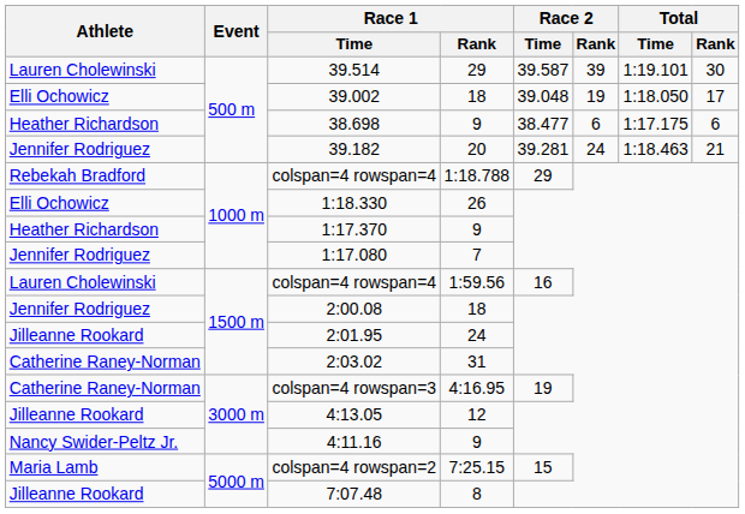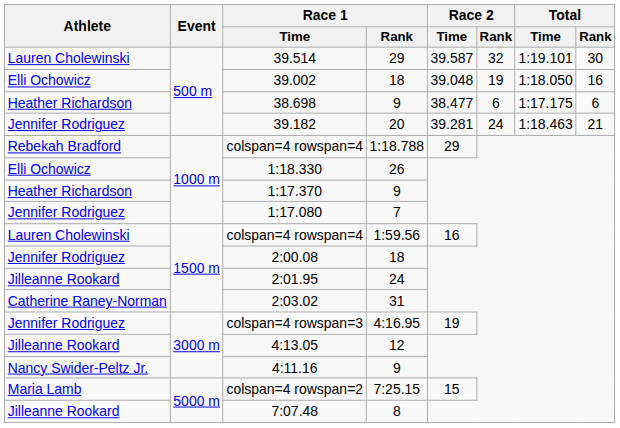 <table class=wikitable style=font-size:90%;text-align:center>
 <tr>
 <th rowspan=2>Athlete</th>
 <th rowspan=2>Event</th>
 <th colspan=2>Race 1</th>
 <th colspan=2>Race 2</th>
 <th colspan=2>Total</th>
 </tr>
 <tr style=font-size:95%>
 <th>Time</th>
 <th>Rank</th>
 <th>Time</th>
 <th>Rank</th>
 <th>Time</th>
 <th>Rank</th>
 </tr>
 <tr>
 <td align=left><a href='#'>Lauren Cholewinski</a></td>
 <td align=left rowspan=4><a href='#'>500 m</a></td>
 <td>39.514</td>
 <td>29</td>
 <td>39.587</td>
-<td>39</td>
+<td>32</td>
 <td>1:19.101</td>
 <td>30</td>
 </tr>
 <tr>
 <td align=left><a href='#'>Elli Ochowicz</a></td>
 <td>39.002</td>
 <td>18</td>
 <td>39.048</td>
 <td>19</td>
 <td>1:18.050</td>
-<td>17</td>
+<td>16</td>
 </tr>
 <tr>
 <td align=left><a href='#'>Heather Richardson</a></td>
 <td>38.698</td>
 <td>9</td>
 <td>38.477</td>
 <td>6</td>
 <td>1:17.175</td>
 <td>6</td>
 </tr>
 <tr>
 <td align=left><a href='#'>Jennifer Rodriguez</a></td>
 <td>39.182</td>
 <td>20</td>
 <td>39.281</td>
 <td>24</td>
 <td>1:18.463</td>
 <td>21</td>
 </tr>
 <tr>
 <td align=left><a href='#'>Rebekah Bradford</a></td>
 <td align=left rowspan=4><a href='#'>1000 m</a></td>
 <td>colspan=4 rowspan=4 </td>
 <td>1:18.788</td>
 <td>29</td>
 </tr>
 <tr>
 <td align=left><a href='#'>Elli Ochowicz</a></td>
 <td>1:18.330</td>
 <td>26</td>
 </tr>
 <tr>
 <td align=left><a href='#'>Heather Richardson</a></td>
 <td>1:17.370</td>
 <td>9</td>
 </tr>
 <tr>
 <td align=left><a href='#'>Jennifer Rodriguez</a></td>
 <td>1:17.080</td>
 <td>7</td>
 </tr>
 <tr>
 <td align=left><a href='#'>Lauren Cholewinski</a></td>
 <td align=left rowspan=4><a href='#'>1500 m</a></td>
 <td>colspan=4 rowspan=4 </td>
 <td>1:59.56</td>
 <td>16</td>
 </tr>
 <tr>
 <td align=left><a href='#'>Jennifer Rodriguez</a></td>
 <td>2:00.08</td>
 <td>18</td>
 </tr>
 <tr>
 <td align=left><a href='#'>Jilleanne Rookard</a></td>
 <td>2:01.95</td>
 <td>24</td>
 </tr>
 <tr>
 <td align=left><a href='#'>Catherine Raney-Norman</a></td>
 <td>2:03.02</td>
 <td>31</td>
 </tr>
 <tr>
-<td align=left><a href='#'>Catherine Raney-Norman</a></td>
+<td align=left><a href='#'>Jennifer Rodriguez</a></td>
 <td align=left rowspan=3><a href='#'>3000 m</a></td>
 <td>colspan=4 rowspan=3 </td>
 <td>4:16.95</td>
 <td>19</td>
 </tr>
 <tr>
 <td align=left><a href='#'>Jilleanne Rookard</a></td>
 <td>4:13.05</td>
 <td>12</td>
 </tr>
 <tr>
 <td align=left><a href='#'>Nancy Swider-Peltz Jr.</a></td>
 <td>4:11.16</td>
 <td>9</td>
 </tr>
 <tr>
 <td align=left><a href='#'>Maria Lamb</a></td>
 <td rowspan=2><a href='#'>5000 m</a></td>
 <td>colspan=4 rowspan=2 </td>
 <td>7:25.15</td>
 <td>15</td>
 </tr>
 <tr>
 <td align=left><a href='#'>Jilleanne Rookard</a></td>
 <td>7:07.48</td>
 <td>8</td>
 </tr>
 </table>
